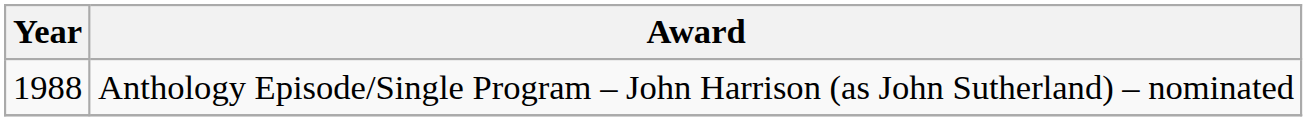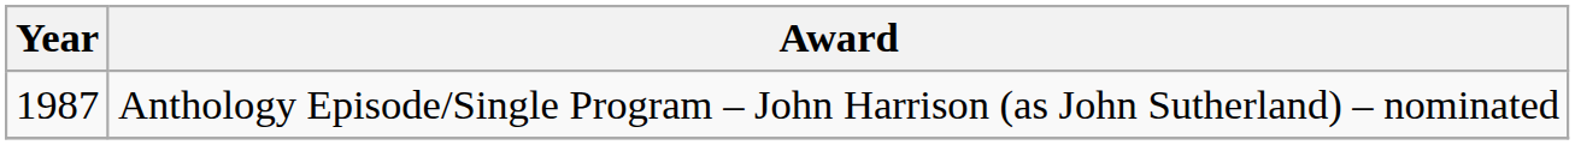 <table class="wikitable" border="1">
 <tr>
 <th>Year</th>
 <th>Award</th>
 </tr>
 <tr>
-<td>1988</td>
+<td>1987</td>
 <td>Anthology Episode/Single Program – John Harrison (as John Sutherland) – nominated</td>
 </tr>
 <tr>
 </tr>
 </table>
